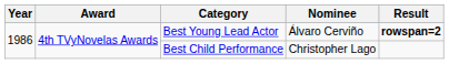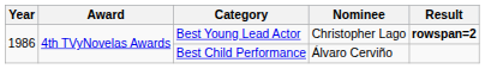 <table class="wikitable">
 <tr style="background:#b0c4de;">
 <th>Year</th>
 <th>Award</th>
 <th>Category</th>
 <th>Nominee</th>
 <th>Result</th>
 </tr>
 <tr>
 <td rowspan=2>1986</td>
 <td rowspan=2><a href='#'>4th TVyNovelas Awards</a></td>
 <td><a href='#'>Best Young Lead Actor</a></td>
-<td>Álvaro Cerviño</td>
+<td>Christopher Lago</td>
 <td><strong>rowspan=2 </strong></td>
 </tr>
 <tr>
 <td><a href='#'>Best Child Performance</a></td>
-<td>Christopher Lago</td>
+<td>Álvaro Cerviño</td>
 </tr>
 </table>
